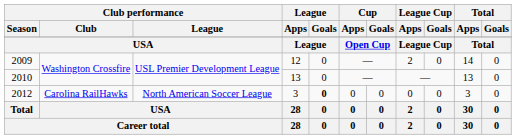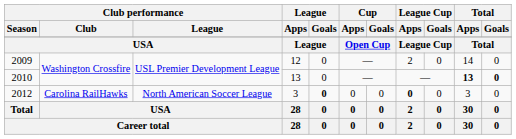 <table class="wikitable" style="text-align:center">
 <tr>
 <th colspan=3>Club performance</th>
 <th colspan=2>League</th>
 <th colspan=2>Cup</th>
 <th colspan=2>League Cup</th>
 <th colspan=2>Total</th>
 </tr>
 <tr>
 <th>Season</th>
 <th>Club</th>
 <th>League</th>
 <th>Apps</th>
 <th>Goals</th>
 <th>Apps</th>
 <th>Goals</th>
 <th>Apps</th>
 <th>Goals</th>
 <th>Apps</th>
 <th>Goals</th>
 </tr>
 <tr>
 </tr>
 <tr>
 <th colspan=3>USA</th>
 <th colspan=2>League</th>
 <th colspan=2><a href='#'>Open Cup</a></th>
 <th colspan=2>League Cup</th>
 <th colspan=2>Total</th>
 </tr>
 <tr>
 <td>2009</td>
 <td rowspan="2"><a href='#'>Washington Crossfire</a></td>
 <td rowspan="2"><a href='#'>USL Premier Development League</a></td>
 <td>12</td>
 <td>0</td>
 <td colspan="2">—</td>
 <td>2</td>
 <td>0</td>
 <td>14</td>
 <td>0</td>
 </tr>
 <tr>
 <td>2010</td>
 <td>13</td>
 <td>0</td>
 <td colspan="2">—</td>
 <td colspan="2">—</td>
-<td>13</td>
-<td>0</td>
+<td><strong>13</strong></td>
+<td><strong>0</strong></td>
 </tr>
 <tr>
 <td>2012</td>
 <td><a href='#'>Carolina RailHawks</a></td>
 <td><a href='#'>North American Soccer League</a></td>
 <td>3</td>
 <td><strong>0</strong></td>
 <td>0</td>
 <td>0</td>
-<td>0</td>
+<td><strong>0</strong></td>
 <td>0</td>
 <td>3</td>
 <td>0</td>
 </tr>
 <tr>
 <th rowspan=1>Total</th>
 <th colspan=2>USA</th>
 <th>28</th>
 <th>0</th>
 <th>0</th>
 <th>0</th>
 <th>2</th>
 <th>0</th>
 <th>30</th>
 <th>0</th>
 </tr>
 <tr>
 <th colspan=3>Career total</th>
 <th>28</th>
 <th>0</th>
 <th>0</th>
 <th>0</th>
 <th>2</th>
 <th>0</th>
 <th>30</th>
 <th>0</th>
 </tr>
 </table>
